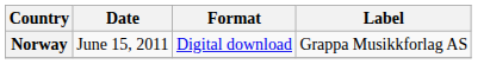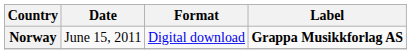 <table class="wikitable plainrowheaders">
 <tr>
 <th scope="col">Country</th>
 <th scope="col">Date</th>
 <th scope="col">Format</th>
 <th scope="col">Label</th>
 </tr>
 <tr>
 <th scope="row">Norway</th>
 <td>June 15, 2011</td>
 <td><a href='#'>Digital download</a></td>
-<td>Grappa Musikkforlag AS</td>
+<td><strong>Grappa Musikkforlag AS</strong></td>
 </tr>
 <tr>
 </tr>
 </table>
